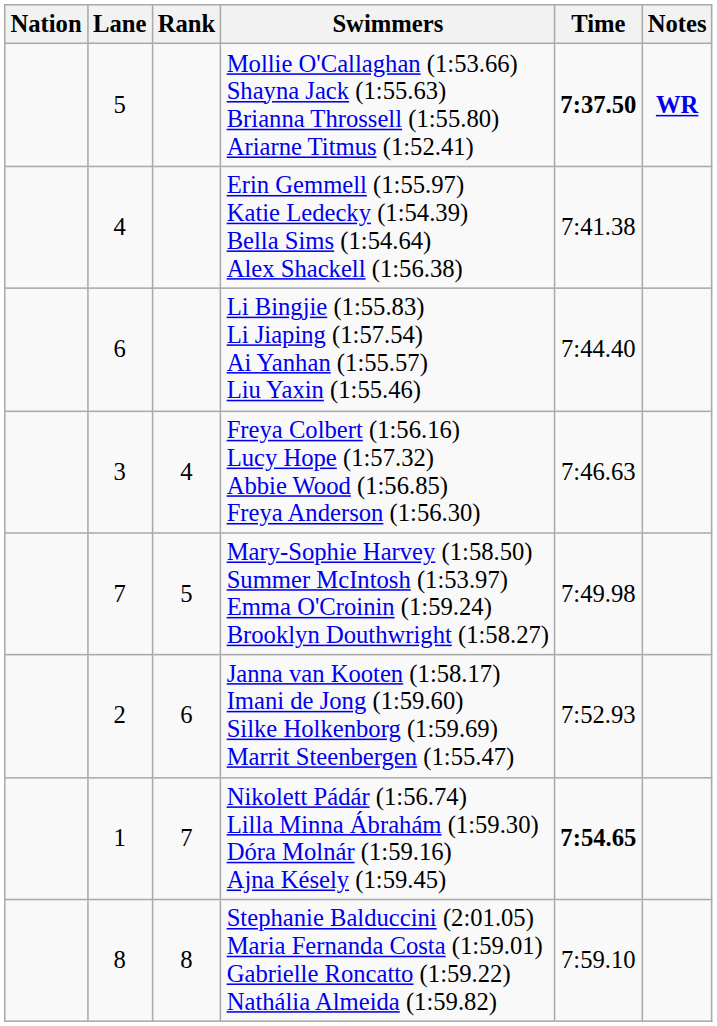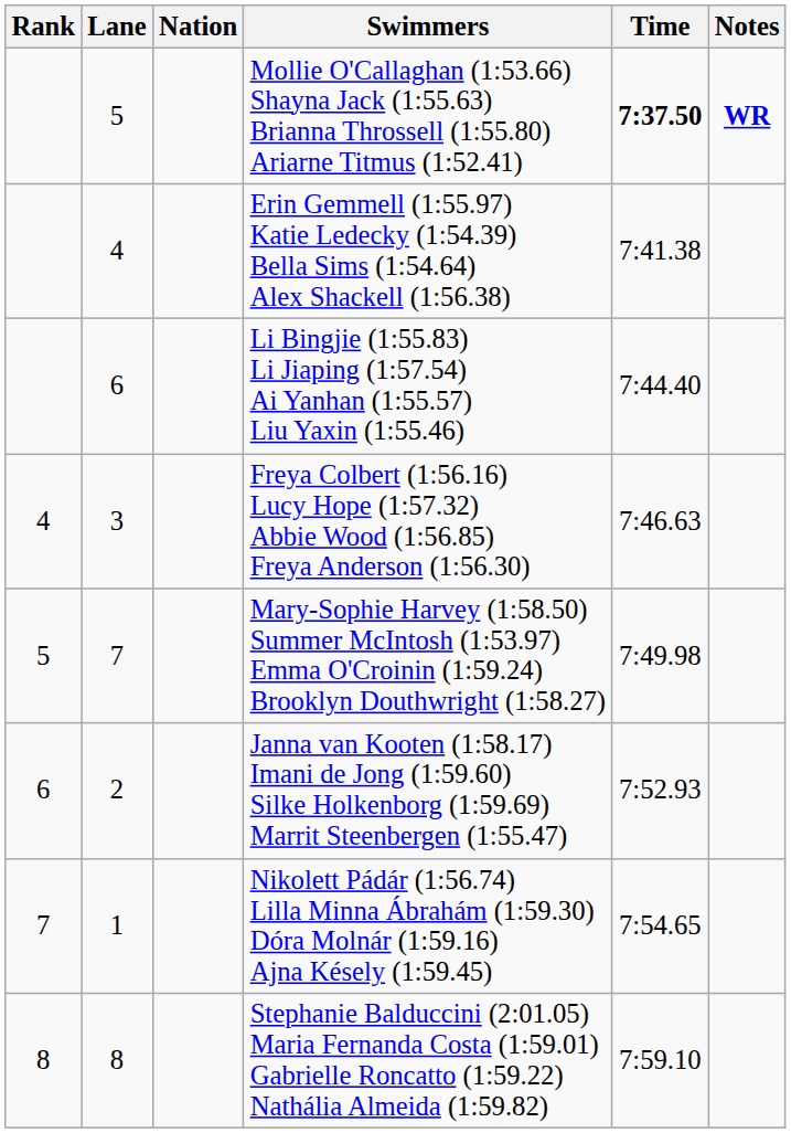 <table class="wikitable sortable" style="text-align:center">
 <tr>
+<th>Rank</th>
+<th>Lane</th>
 <th>Nation</th>
-<th>Lane</th>
-<th>Rank</th>
 <th>Swimmers</th>
 <th>Time</th>
 <th>Notes</th>
 </tr>
 <tr>
+<td></td>
+<td>5</td>
 <td align=left></td>
-<td>5</td>
-<td></td>
 <td align=left><a href='#'>Mollie O'Callaghan</a> (1:53.66)<br><a href='#'>Shayna Jack</a> (1:55.63)<br><a href='#'>Brianna Throssell</a> (1:55.80)<br><a href='#'>Ariarne Titmus</a> (1:52.41)</td>
 <td><strong>7:37.50</strong></td>
 <td><strong><a href='#'>WR</a></strong></td>
 </tr>
 <tr>
+<td></td>
+<td>4</td>
 <td align=left></td>
-<td>4</td>
-<td></td>
 <td align=left><a href='#'>Erin Gemmell</a> (1:55.97)<br><a href='#'>Katie Ledecky</a> (1:54.39)<br><a href='#'>Bella Sims</a> (1:54.64)<br><a href='#'>Alex Shackell</a> (1:56.38)</td>
 <td>7:41.38</td>
 <td></td>
 </tr>
 <tr>
+<td></td>
+<td>6</td>
 <td align=left></td>
-<td>6</td>
-<td></td>
 <td align=left><a href='#'>Li Bingjie</a> (1:55.83)<br><a href='#'>Li Jiaping</a> (1:57.54)<br><a href='#'>Ai Yanhan</a> (1:55.57)<br><a href='#'>Liu Yaxin</a> (1:55.46)</td>
 <td>7:44.40</td>
 <td></td>
 </tr>
 <tr>
+<td>4</td>
+<td>3</td>
 <td align=left></td>
-<td>3</td>
-<td>4</td>
 <td align=left><a href='#'>Freya Colbert</a> (1:56.16)<br><a href='#'>Lucy Hope</a> (1:57.32)<br><a href='#'>Abbie Wood</a> (1:56.85)<br><a href='#'>Freya Anderson</a> (1:56.30)</td>
 <td>7:46.63</td>
 <td></td>
 </tr>
 <tr>
+<td>5</td>
+<td>7</td>
 <td align=left></td>
-<td>7</td>
-<td>5</td>
 <td align=left><a href='#'>Mary-Sophie Harvey</a> (1:58.50)<br><a href='#'>Summer McIntosh</a> (1:53.97)<br><a href='#'>Emma O'Croinin</a> (1:59.24)<br><a href='#'>Brooklyn Douthwright</a> (1:58.27)</td>
 <td>7:49.98</td>
 <td></td>
 </tr>
 <tr>
+<td>6</td>
+<td>2</td>
 <td align=left></td>
-<td>2</td>
-<td>6</td>
 <td align=left><a href='#'>Janna van Kooten</a> (1:58.17)<br><a href='#'>Imani de Jong</a> (1:59.60)<br><a href='#'>Silke Holkenborg</a> (1:59.69)<br><a href='#'>Marrit Steenbergen</a> (1:55.47)</td>
 <td>7:52.93</td>
 <td></td>
 </tr>
 <tr>
+<td>7</td>
+<td>1</td>
 <td align=left></td>
-<td>1</td>
-<td>7</td>
 <td align=left><a href='#'>Nikolett Pádár</a> (1:56.74)<br><a href='#'>Lilla Minna Ábrahám</a> (1:59.30)<br><a href='#'>Dóra Molnár</a> (1:59.16)<br><a href='#'>Ajna Késely</a> (1:59.45)</td>
-<td><strong>7:54.65</strong></td>
+<td>7:54.65</td>
 <td></td>
 </tr>
 <tr>
-<td align=left></td>
 <td>8</td>
 <td>8</td>
+<td align=left></td>
 <td align=left><a href='#'>Stephanie Balduccini</a> (2:01.05)<br><a href='#'>Maria Fernanda Costa</a> (1:59.01)<br><a href='#'>Gabrielle Roncatto</a> (1:59.22)<br><a href='#'>Nathália Almeida</a> (1:59.82)</td>
 <td>7:59.10</td>
 <td></td>
 </tr>
 </table>
